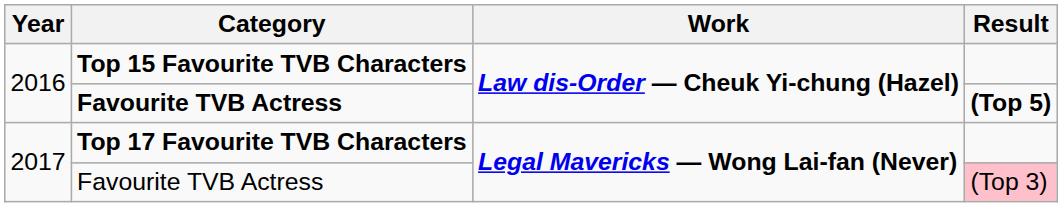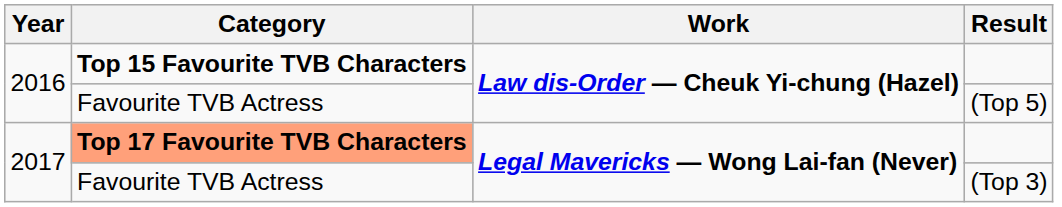 <table class="wikitable sortable">
 <tr>
 <th>Year</th>
 <th>Category</th>
 <th>Work</th>
 <th>Result</th>
 </tr>
 <tr>
 <td rowspan="2">2016</td>
 <td><strong> Top 15 Favourite TVB Characters </strong></td>
 <td rowspan="2"><strong> <em><a href='#'>Law dis-Order</a></em> — Cheuk Yi-chung (Hazel) </strong></td>
 <td></td>
 </tr>
 <tr>
-<td><strong>Favourite TVB Actress</strong></td>
-<td><strong> (Top 5)</strong></td>
+<td>Favourite TVB Actress</td>
+<td> (Top 5)</td>
 </tr>
 <tr>
 <td rowspan="2">2017</td>
-<td><strong> Top 17 Favourite TVB Characters </strong></td>
+<td style="background: lightsalmon;"><strong> Top 17 Favourite TVB Characters </strong></td>
 <td rowspan="2"><strong> <em><a href='#'>Legal Mavericks</a></em> — Wong Lai-fan (Never)  </strong></td>
 <td></td>
 </tr>
 <tr>
 <td>Favourite TVB Actress</td>
-<td style="background: pink;"> (Top 3)</td>
+<td> (Top 3)</td>
 </tr>
 </table>
